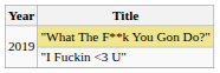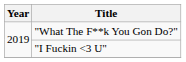 <table class="wikitable">
 <tr>
 <th align="center" width="20">Year</th>
 <th align="center">Title</th>
 </tr>
 <tr>
 <td rowspan="2" align="center">2019</td>
-<td style="background: khaki;">"What The F**k You Gon Do?"</td>
+<td>"What The F**k You Gon Do?"</td>
 </tr>
 <tr>
 <td>"I Fuckin <3 U"</td>
 </tr>
 <tr>
 </tr>
 </table>
